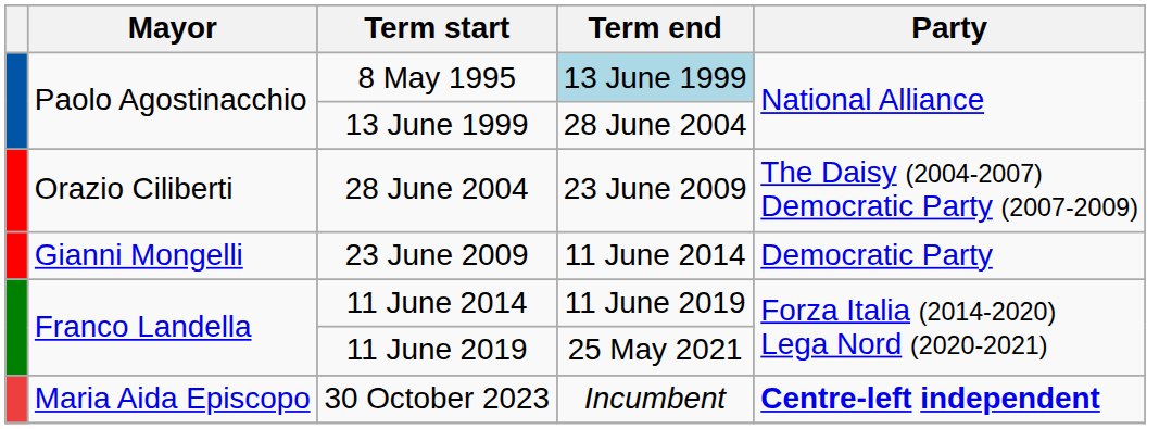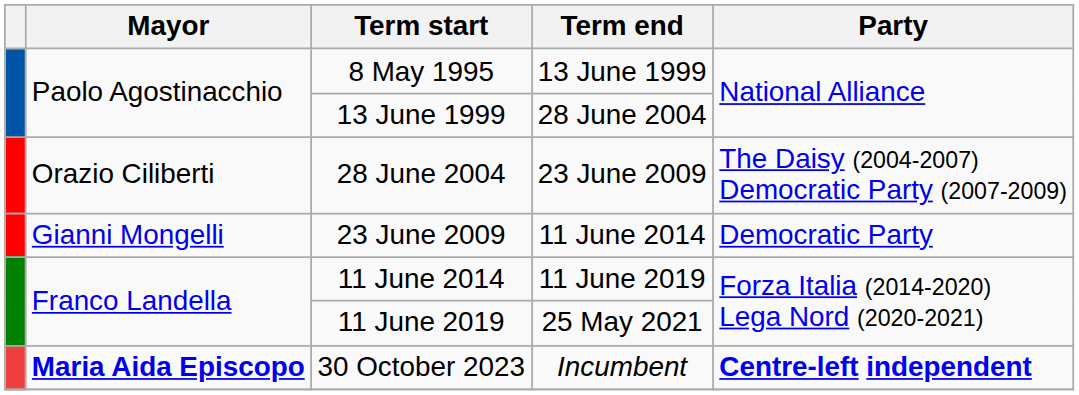 <table class="wikitable">
 <tr>
 <th class=unsortable> </th>
 <th>Mayor</th>
 <th>Term start</th>
 <th>Term end</th>
 <th>Party</th>
 </tr>
 <tr>
 <th rowspan=2 style="background:#0054A5;"></th>
 <td rowspan=2>Paolo Agostinacchio</td>
 <td align=center>8 May 1995</td>
-<td align=center style="background: lightblue;">13 June 1999</td>
+<td align=center>13 June 1999</td>
 <td rowspan=2><a href='#'>National Alliance</a></td>
 </tr>
 <tr>
 <td align=center>13 June 1999</td>
 <td align=center>28 June 2004</td>
 </tr>
 <tr>
 <th style="background:#FF0000;"></th>
 <td>Orazio Ciliberti</td>
 <td align=center>28 June 2004</td>
 <td align=center>23 June 2009</td>
 <td><a href='#'>The Daisy</a> <small>(2004-2007)</small><br><a href='#'>Democratic Party</a> <small>(2007-2009)</small></td>
 </tr>
 <tr>
 <th style="background:#FF0000;"></th>
 <td><a href='#'>Gianni Mongelli</a></td>
 <td align=center>23 June 2009</td>
 <td align=center>11 June 2014</td>
 <td><a href='#'>Democratic Party</a></td>
 </tr>
 <tr>
 <th rowspan=2 style="background:#008000;"></th>
 <td rowspan=2><a href='#'>Franco Landella</a></td>
 <td align=center>11 June 2014</td>
 <td align=center>11 June 2019</td>
 <td rowspan=2><a href='#'>Forza Italia</a> <small>(2014-2020)</small><br><a href='#'>Lega Nord</a> <small>(2020-2021)</small></td>
 </tr>
 <tr>
 <td align=center>11 June 2019</td>
 <td align=center>25 May 2021</td>
 </tr>
 <tr>
 <th style="background:#EF3E3E;"></th>
-<td><a href='#'>Maria Aida Episcopo</a></td>
+<td><strong><a href='#'>Maria Aida Episcopo</a></strong></td>
 <td align=center>30 October 2023</td>
 <td align=center><em>Incumbent</em></td>
 <td><strong><a href='#'>Centre-left</a> <a href='#'>independent</a></strong></td>
 </tr>
 <tr>
 </tr>
 </table>
